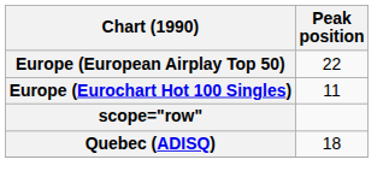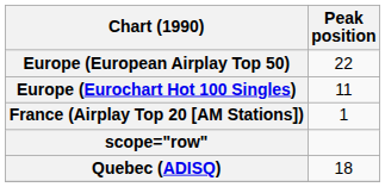 <table class="wikitable sortable plainrowheaders">
 <tr>
 <th>Chart (1990)</th>
 <th>Peak<br>position</th>
 </tr>
 <tr>
 <th scope="row">Europe (European Airplay Top 50)</th>
 <td align="center">22</td>
 </tr>
 <tr>
 <th scope="row">Europe (<a href='#'>Eurochart Hot 100 Singles</a>)</th>
 <td align="center">11</td>
 </tr>
 <tr>
+<th scope="row">France (Airplay Top 20 [AM Stations])</th>
+<td align="center">1</td>
+</tr>
+<tr>
 <th>scope="row"</th>
 </tr>
 <tr>
 <th scope="row">Quebec (<a href='#'>ADISQ</a>)</th>
 <td align="center">18</td>
 </tr>
 <tr>
 </tr>
 </table>
